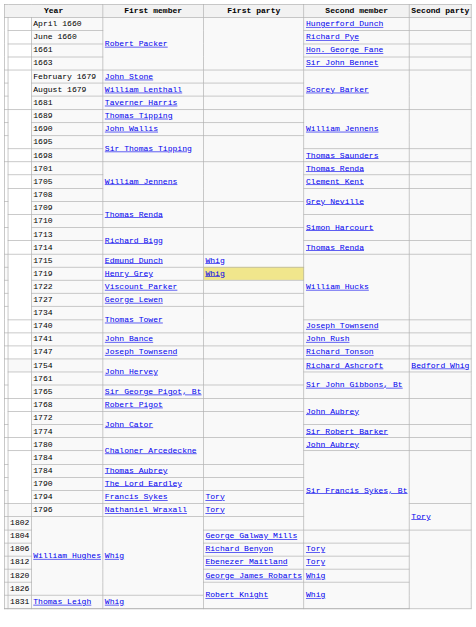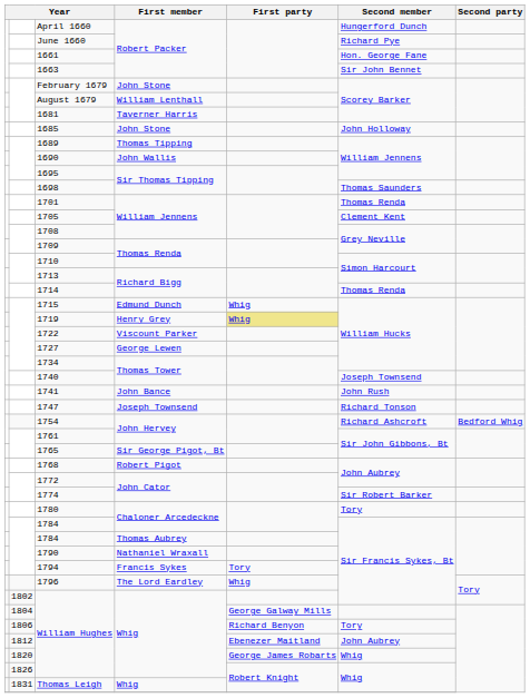 <table class="wikitable">
 <tr>
 <th colspan="3">Year</th>
 <th>First member</th>
 <th>First party</th>
 <th>Second member</th>
 <th>Second party</th>
 </tr>
 <tr>
 <td rowspan="4" style="color:inherit;background-color: white"></td>
 <td style="color:inherit;background-color: white"></td>
 <td>April 1660</td>
 <td rowspan="4"><a href='#'>Robert Packer</a></td>
 <td rowspan="4"></td>
 <td><a href='#'>Hungerford Dunch</a></td>
 <td></td>
 </tr>
 <tr>
 <td style="color:inherit;background-color: white"></td>
 <td>June 1660</td>
 <td><a href='#'>Richard Pye</a></td>
 <td></td>
 </tr>
 <tr>
 <td style="color:inherit;background-color: white"></td>
 <td>1661</td>
 <td><a href='#'>Hon. George Fane</a></td>
 <td></td>
 </tr>
 <tr>
 <td style="color:inherit;background-color: white"></td>
 <td>1663</td>
 <td><a href='#'>Sir John Bennet</a></td>
 <td></td>
 </tr>
 <tr>
 <td style="color:inherit;background-color: white"></td>
 <td rowspan="3" style="color:inherit;background-color: white"></td>
 <td>February 1679</td>
 <td><a href='#'>John Stone</a></td>
 <td></td>
 <td rowspan="3"><a href='#'>Scorey Barker</a></td>
 <td rowspan="3"></td>
 </tr>
 <tr>
 <td style="color:inherit;background-color: white"></td>
 <td>August 1679</td>
 <td><a href='#'>William Lenthall</a></td>
 <td></td>
 </tr>
 <tr>
 <td style="color:inherit;background-color: white"></td>
 <td>1681</td>
 <td><a href='#'>Taverner Harris</a></td>
+<td></td>
+</tr>
+<tr>
+<td style="color:inherit;background-color: white"></td>
+<td style="color:inherit;background-color: white"></td>
+<td>1685</td>
+<td><a href='#'>John Stone</a></td>
+<td></td>
+<td><a href='#'>John Holloway</a></td>
 <td></td>
 </tr>
 <tr>
 <td style="color:inherit;background-color: white"></td>
 <td rowspan="3" style="color:inherit;background-color: white"></td>
 <td>1689</td>
 <td><a href='#'>Thomas Tipping</a></td>
 <td></td>
 <td rowspan="3"><a href='#'>William Jennens</a></td>
 <td rowspan="3"></td>
 </tr>
 <tr>
 <td style="color:inherit;background-color: white"></td>
 <td>1690</td>
 <td><a href='#'>John Wallis</a></td>
 <td></td>
 </tr>
 <tr>
 <td rowspan="2" style="color:inherit;background-color: white"></td>
 <td>1695</td>
 <td rowspan="2"><a href='#'>Sir Thomas Tipping</a></td>
 <td rowspan="2"></td>
 </tr>
 <tr>
 <td style="color:inherit;background-color: white"></td>
 <td>1698</td>
 <td><a href='#'>Thomas Saunders</a></td>
 <td></td>
 </tr>
 <tr>
 <td rowspan="3" style="color:inherit;background-color: white"></td>
 <td style="color:inherit;background-color: white"></td>
 <td>1701</td>
 <td rowspan="3"><a href='#'>William Jennens</a></td>
 <td rowspan="3"></td>
 <td><a href='#'>Thomas Renda</a></td>
 <td></td>
 </tr>
 <tr>
 <td style="color:inherit;background-color: white"></td>
 <td>1705</td>
 <td><a href='#'>Clement Kent</a></td>
 <td></td>
 </tr>
 <tr>
 <td rowspan="2" style="color:inherit;background-color: white"></td>
 <td>1708</td>
 <td rowspan="2"><a href='#'>Grey Neville</a></td>
 <td rowspan="2"></td>
 </tr>
 <tr>
 <td rowspan="2" style="color:inherit;background-color: white"></td>
 <td>1709</td>
 <td rowspan="2"><a href='#'>Thomas Renda</a></td>
 <td rowspan="2"></td>
 </tr>
 <tr>
 <td rowspan="2" style="color:inherit;background-color: white"></td>
 <td>1710</td>
 <td rowspan="2"><a href='#'>Simon Harcourt</a></td>
 <td rowspan="2"></td>
 </tr>
 <tr>
 <td rowspan="2" style="color:inherit;background-color: white"></td>
 <td>1713</td>
 <td rowspan="2"><a href='#'>Richard Bigg</a></td>
 <td rowspan="2"></td>
 </tr>
 <tr>
 <td style="color:inherit;background-color: white"></td>
 <td>1714</td>
 <td><a href='#'>Thomas Renda</a></td>
 <td></td>
 </tr>
 <tr>
 <td style="color:inherit;background-color: "></td>
 <td rowspan="5" style="color:inherit;background-color: white"></td>
 <td>1715</td>
 <td><a href='#'>Edmund Dunch</a></td>
 <td><a href='#'>Whig</a></td>
 <td rowspan="5"><a href='#'>William Hucks</a></td>
 <td rowspan="5"></td>
 </tr>
 <tr>
 <td style="color:inherit;background-color: "></td>
 <td>1719</td>
 <td><a href='#'>Henry Grey</a></td>
 <td style="background: khaki;"><a href='#'>Whig</a></td>
 </tr>
 <tr>
 <td style="color:inherit;background-color: white"></td>
 <td>1722</td>
 <td><a href='#'>Viscount Parker</a></td>
 <td></td>
 </tr>
 <tr>
 <td style="color:inherit;background-color: white"></td>
 <td>1727</td>
 <td><a href='#'>George Lewen</a></td>
 <td></td>
 </tr>
 <tr>
 <td rowspan="2" style="color:inherit;background-color: white"></td>
 <td>1734</td>
 <td rowspan="2"><a href='#'>Thomas Tower</a></td>
 <td rowspan="2"></td>
 </tr>
 <tr>
 <td style="color:inherit;background-color: white"></td>
 <td>1740</td>
 <td><a href='#'>Joseph Townsend</a></td>
 <td></td>
 </tr>
 <tr>
 <td style="color:inherit;background-color: white"></td>
 <td style="color:inherit;background-color: white"></td>
 <td>1741</td>
 <td><a href='#'>John Bance</a></td>
 <td></td>
 <td><a href='#'>John Rush</a></td>
 <td></td>
 </tr>
 <tr>
 <td style="color:inherit;background-color: white"></td>
 <td style="color:inherit;background-color: white"></td>
 <td>1747</td>
 <td><a href='#'>Joseph Townsend</a></td>
 <td></td>
 <td><a href='#'>Richard Tonson</a></td>
 <td></td>
 </tr>
 <tr>
 <td style="color:inherit;background-color: white" rowspan="2"></td>
 <td style="color:inherit;background-color: "></td>
 <td>1754</td>
 <td rowspan="2"><a href='#'>John Hervey</a></td>
 <td rowspan="2"></td>
 <td><a href='#'>Richard Ashcroft</a></td>
 <td><a href='#'>Bedford Whig</a></td>
 </tr>
 <tr>
 <td style="color:inherit;background-color: white" rowspan="2"></td>
 <td>1761</td>
 <td rowspan="2"><a href='#'>Sir John Gibbons, Bt</a></td>
 <td rowspan="2"></td>
 </tr>
 <tr>
 <td style="color:inherit;background-color: white"></td>
 <td>1765</td>
 <td><a href='#'>Sir George Pigot, Bt</a></td>
 <td></td>
 </tr>
 <tr>
 <td style="color:inherit;background-color: white" rowspan="2"></td>
 <td style="color:inherit;background-color: white"></td>
 <td>1768</td>
 <td><a href='#'>Robert Pigot</a></td>
 <td></td>
 <td rowspan="2"><a href='#'>John Aubrey</a></td>
 <td rowspan="2"></td>
 </tr>
 <tr>
 <td style="color:inherit;background-color: white" rowspan="2"></td>
 <td>1772</td>
 <td rowspan="2"><a href='#'>John Cator</a></td>
 <td rowspan="2"></td>
 </tr>
 <tr>
 <td style="color:inherit;background-color: white"></td>
 <td>1774</td>
 <td><a href='#'>Sir Robert Barker</a></td>
 <td></td>
 </tr>
 <tr>
 <td style="color:inherit;background-color: white" rowspan="2"></td>
 <td style="color:inherit;background-color: white"></td>
 <td>1780</td>
 <td rowspan="2"><a href='#'>Chaloner Arcedeckne</a></td>
 <td rowspan="2"></td>
-<td><a href='#'>John Aubrey</a></td>
+<td><a href='#'>Tory</a></td>
 <td></td>
 </tr>
 <tr>
 <td style="color:inherit;background-color: white" rowspan="4"></td>
 <td>1784</td>
 <td rowspan="6"><a href='#'>Sir Francis Sykes, Bt</a></td>
 <td rowspan="4"></td>
 </tr>
 <tr>
 <td style="color:inherit;background-color: white"></td>
 <td>1784</td>
 <td><a href='#'>Thomas Aubrey</a></td>
 <td></td>
 </tr>
 <tr>
 <td style="color:inherit;background-color: white"></td>
 <td>1790</td>
-<td><a href='#'>The Lord Eardley</a></td>
+<td><a href='#'>Nathaniel Wraxall</a></td>
 <td></td>
 </tr>
 <tr>
 <td style="color:inherit;background-color: "></td>
 <td>1794</td>
 <td><a href='#'>Francis Sykes</a></td>
 <td><a href='#'>Tory</a></td>
 </tr>
 <tr>
 <td style="color:inherit;background-color: "></td>
 <td style="color:inherit;background-color: "></td>
 <td>1796</td>
-<td><a href='#'>Nathaniel Wraxall</a></td>
-<td><a href='#'>Tory</a></td>
+<td><a href='#'>The Lord Eardley</a></td>
+<td><a href='#'>Whig</a></td>
 <td rowspan="2"><a href='#'>Tory</a></td>
 </tr>
 <tr>
 <td style="color:inherit;background-color: "></td>
 <td>1802</td>
 <td rowspan="6"><a href='#'>William Hughes</a></td>
 <td rowspan="6"><a href='#'>Whig</a></td>
 </tr>
 <tr>
 <td style="color:inherit;background-color: white"></td>
 <td>1804</td>
 <td><a href='#'>George Galway Mills</a></td>
 <td></td>
 </tr>
 <tr>
 <td style="color:inherit;background-color: "></td>
 <td>1806</td>
 <td><a href='#'>Richard Benyon</a></td>
 <td><a href='#'>Tory</a></td>
 </tr>
 <tr>
 <td style="color:inherit;background-color: "></td>
 <td>1812</td>
 <td><a href='#'>Ebenezer Maitland</a></td>
-<td><a href='#'>Tory</a></td>
+<td><a href='#'>John Aubrey</a></td>
 </tr>
 <tr>
 <td style="color:inherit;background-color: "></td>
 <td>1820</td>
 <td><a href='#'>George James Robarts</a></td>
 <td><a href='#'>Whig</a></td>
 </tr>
 <tr>
 <td style="color:inherit;background-color: "></td>
 <td>1826</td>
 <td rowspan="2"><a href='#'>Robert Knight</a></td>
 <td rowspan="2"><a href='#'>Whig</a></td>
 </tr>
 <tr>
 <td style="color:inherit;background-color: "></td>
 <td>1831</td>
 <td><a href='#'>Thomas Leigh</a></td>
 <td><a href='#'>Whig</a></td>
 </tr>
 <tr>
 </tr>
 </table>
